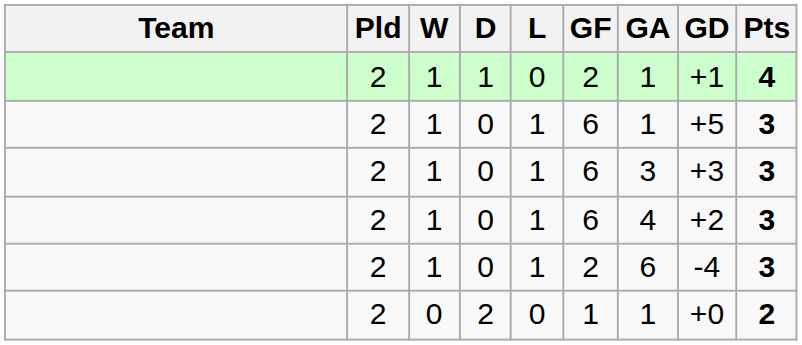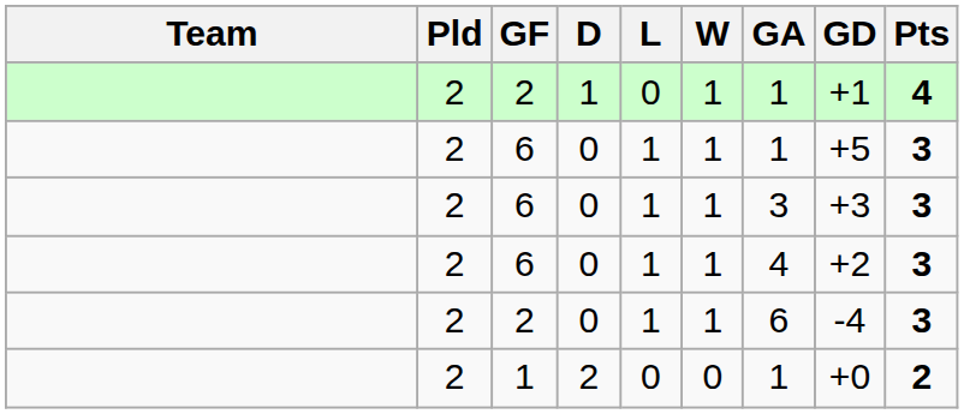 <table class="wikitable" style="text-align: center;">
 <tr>
 <th width=175>Team</th>
 <th width=20>Pld</th>
-<th width=20>W</th>
+<th width=20>GF</th>
 <th width=20>D</th>
 <th width=20>L</th>
-<th width=20>GF</th>
+<th width=20>W</th>
 <th width=20>GA</th>
 <th width=20>GD</th>
 <th width=20>Pts</th>
 </tr>
 <tr style="background:#ccffcc">
 <td style="text-align:left"></td>
 <td>2</td>
-<td>1</td>
+<td>2</td>
 <td>1</td>
 <td>0</td>
-<td>2</td>
+<td>1</td>
 <td>1</td>
 <td>+1</td>
 <td><strong>4</strong></td>
 </tr>
 <tr>
 <td style="text-align:left"></td>
 <td>2</td>
-<td>1</td>
+<td>6</td>
 <td>0</td>
 <td>1</td>
-<td>6</td>
+<td>1</td>
 <td>1</td>
 <td>+5</td>
 <td><strong>3</strong></td>
 </tr>
 <tr>
 <td style="text-align:left"></td>
 <td>2</td>
-<td>1</td>
+<td>6</td>
 <td>0</td>
 <td>1</td>
-<td>6</td>
+<td>1</td>
 <td>3</td>
 <td>+3</td>
 <td><strong>3</strong></td>
 </tr>
 <tr>
 <td style="text-align:left"></td>
 <td>2</td>
-<td>1</td>
+<td>6</td>
 <td>0</td>
 <td>1</td>
-<td>6</td>
+<td>1</td>
 <td>4</td>
 <td>+2</td>
 <td><strong>3</strong></td>
 </tr>
 <tr>
 <td style="text-align:left"></td>
 <td>2</td>
-<td>1</td>
+<td>2</td>
 <td>0</td>
 <td>1</td>
-<td>2</td>
+<td>1</td>
 <td>6</td>
 <td>-4</td>
 <td><strong>3</strong></td>
 </tr>
 <tr>
 <td style="text-align:left"></td>
 <td>2</td>
-<td>0</td>
+<td>1</td>
 <td>2</td>
 <td>0</td>
-<td>1</td>
+<td>0</td>
 <td>1</td>
 <td>+0</td>
 <td><strong>2</strong></td>
 </tr>
 </table>
